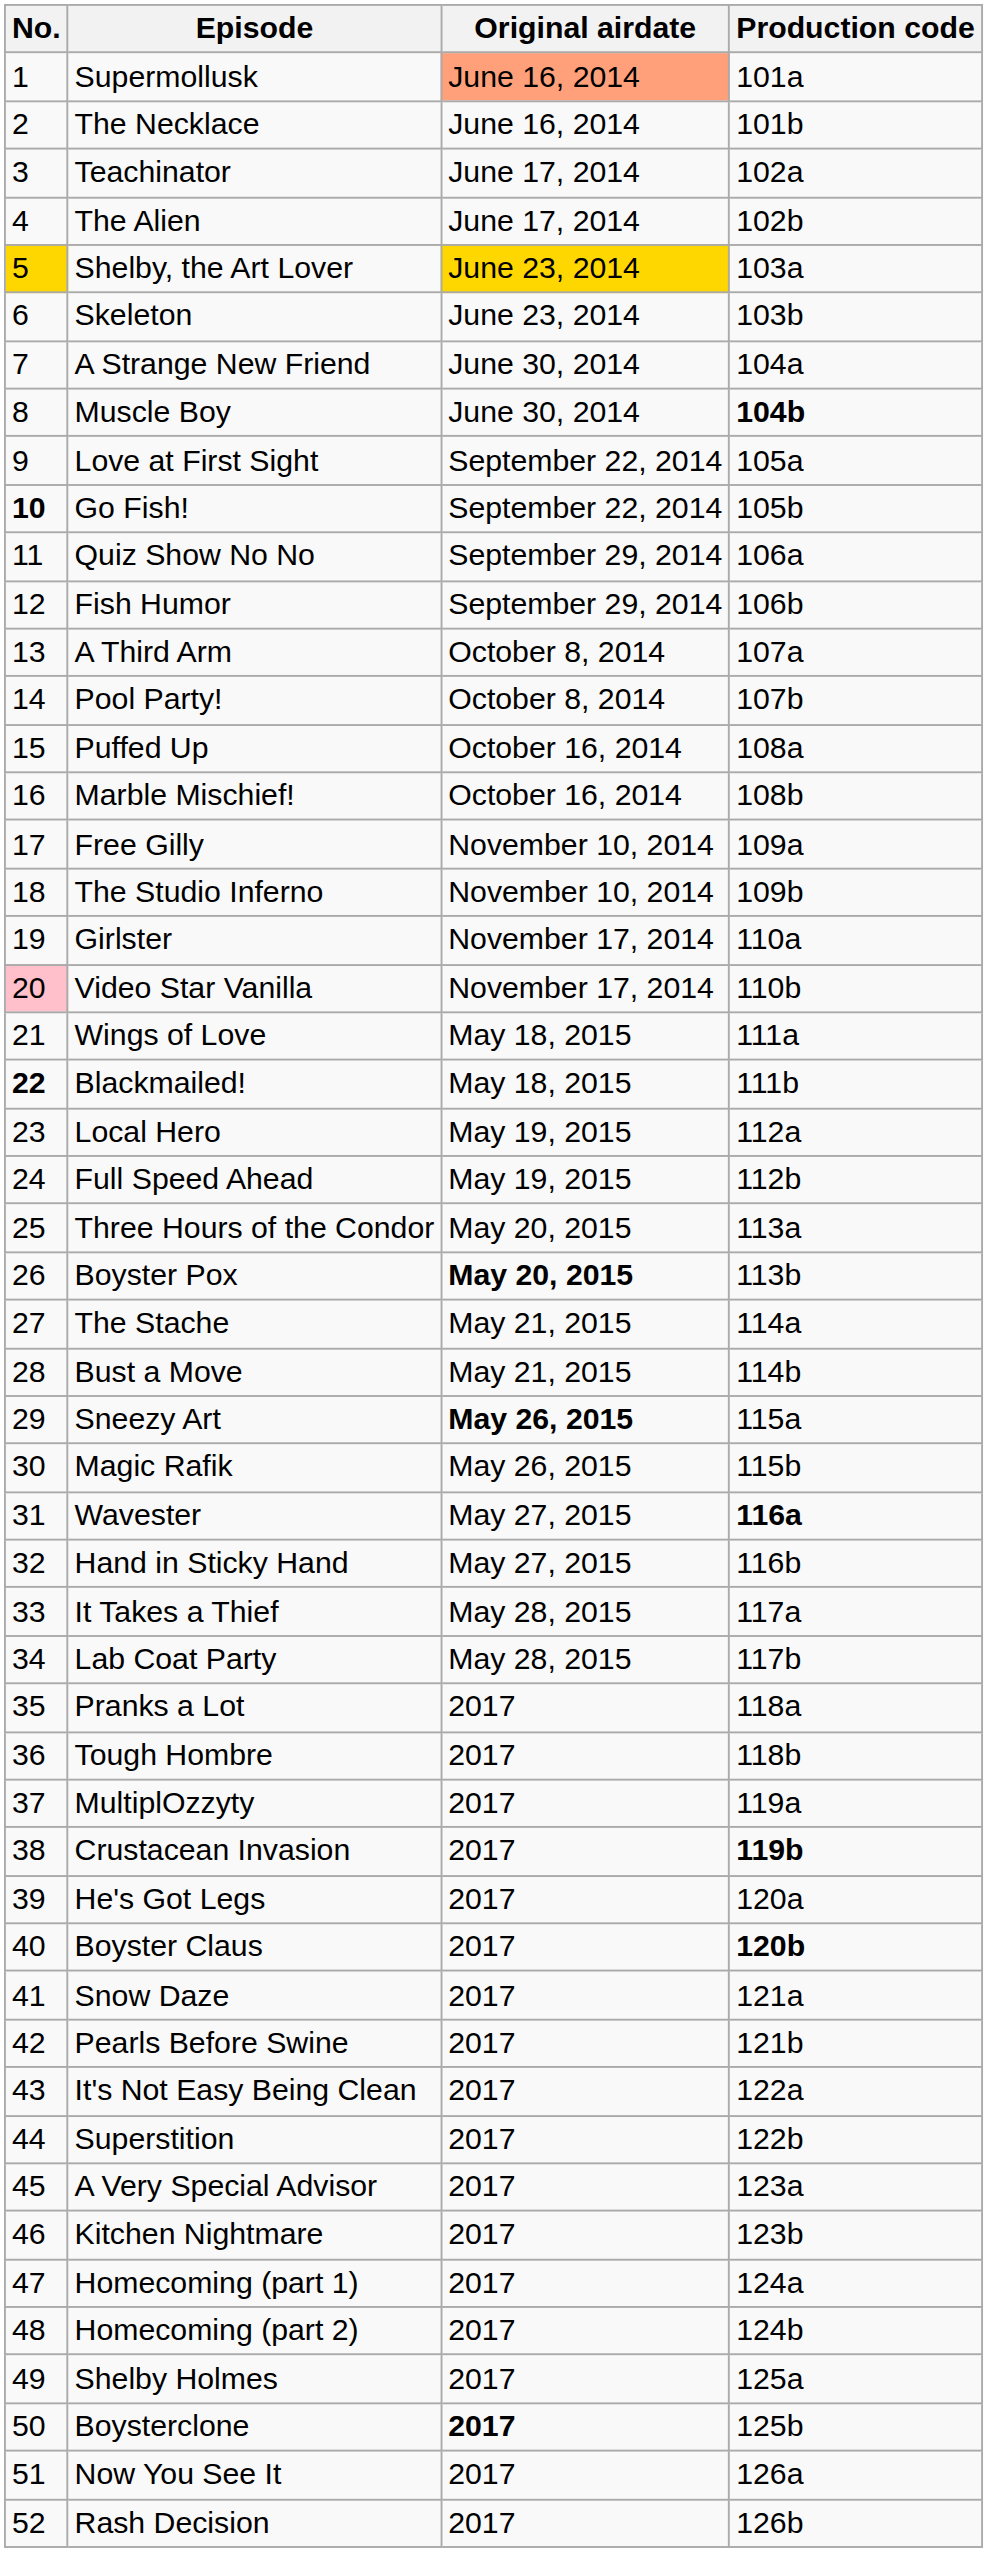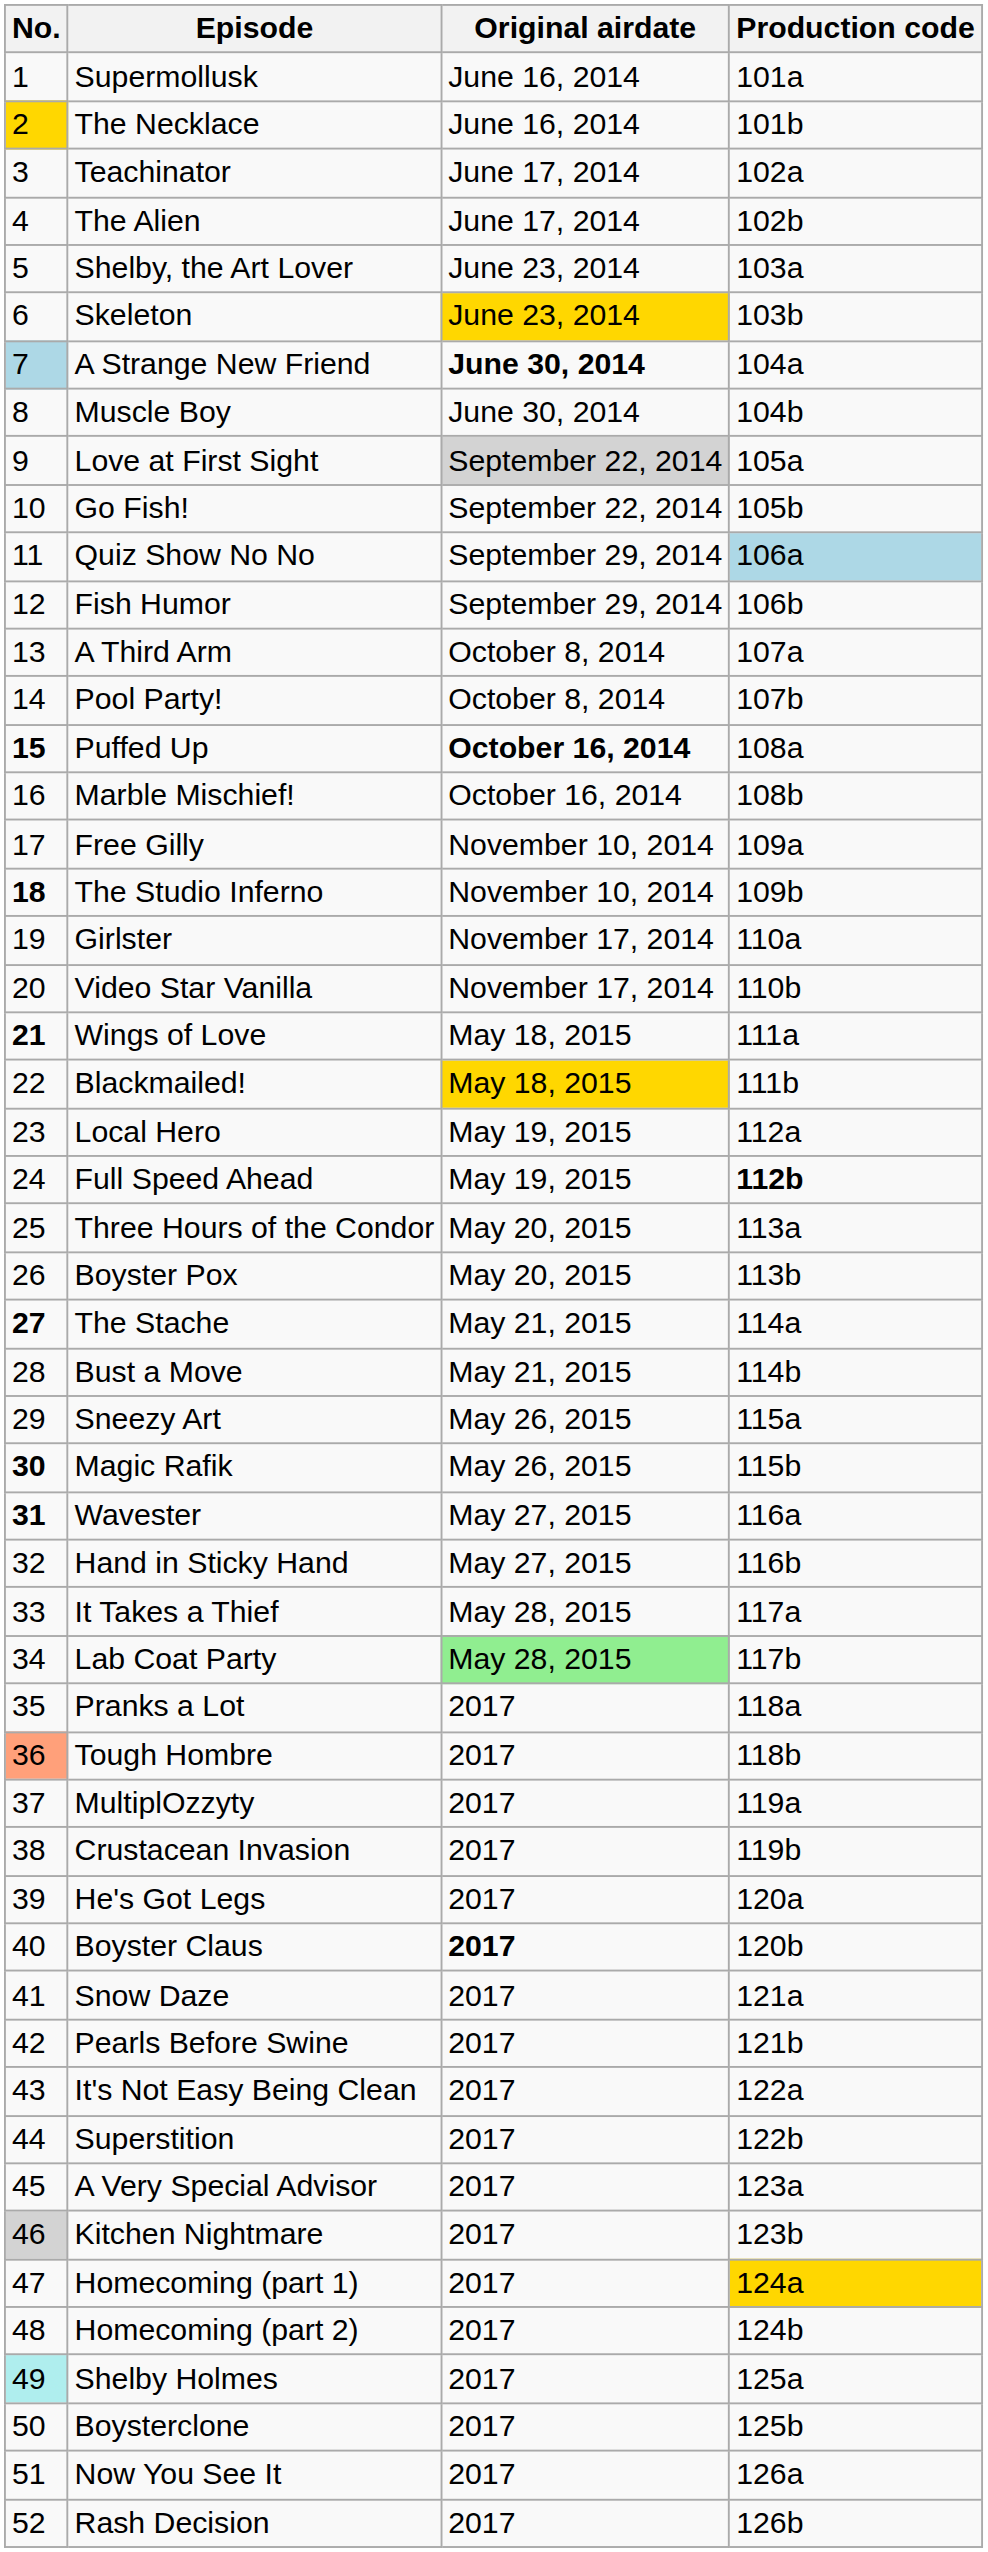 <table class="wikitable sortable">
 <tr>
 <th>No.</th>
 <th>Episode</th>
 <th>Original airdate</th>
 <th>Production code</th>
 </tr>
 <tr>
 <td>1</td>
 <td>Supermollusk</td>
-<td style="background: lightsalmon;">June 16, 2014</td>
+<td>June 16, 2014</td>
 <td>101a</td>
 </tr>
 <tr>
-<td>2</td>
+<td style="background: gold;">2</td>
 <td>The Necklace</td>
 <td>June 16, 2014</td>
 <td>101b</td>
 </tr>
 <tr>
 <td>3</td>
 <td>Teachinator</td>
 <td>June 17, 2014</td>
 <td>102a</td>
 </tr>
 <tr>
 <td>4</td>
 <td>The Alien</td>
 <td>June 17, 2014</td>
 <td>102b</td>
 </tr>
 <tr>
-<td style="background: gold;">5</td>
+<td>5</td>
 <td>Shelby, the Art Lover</td>
-<td style="background: gold;">June 23, 2014</td>
+<td>June 23, 2014</td>
 <td>103a</td>
 </tr>
 <tr>
 <td>6</td>
 <td>Skeleton</td>
-<td>June 23, 2014</td>
+<td style="background: gold;">June 23, 2014</td>
 <td>103b</td>
 </tr>
 <tr>
-<td>7</td>
+<td style="background: lightblue;">7</td>
 <td>A Strange New Friend</td>
-<td>June 30, 2014</td>
+<td><strong>June 30, 2014</strong></td>
 <td>104a</td>
 </tr>
 <tr>
 <td>8</td>
 <td>Muscle Boy</td>
 <td>June 30, 2014</td>
-<td><strong>104b</strong></td>
+<td>104b</td>
 </tr>
 <tr>
 <td>9</td>
 <td>Love at First Sight</td>
-<td>September 22, 2014</td>
+<td style="background: lightgrey;">September 22, 2014</td>
 <td>105a</td>
 </tr>
 <tr>
-<td><strong>10</strong></td>
+<td>10</td>
 <td>Go Fish!</td>
 <td>September 22, 2014</td>
 <td>105b</td>
 </tr>
 <tr>
 <td>11</td>
 <td>Quiz Show No No</td>
 <td>September 29, 2014</td>
-<td>106a</td>
+<td style="background: lightblue;">106a</td>
 </tr>
 <tr>
 <td>12</td>
 <td>Fish Humor</td>
 <td>September 29, 2014</td>
 <td>106b</td>
 </tr>
 <tr>
 <td>13</td>
 <td>A Third Arm</td>
 <td>October 8, 2014</td>
 <td>107a</td>
 </tr>
 <tr>
 <td>14</td>
 <td>Pool Party!</td>
 <td>October 8, 2014</td>
 <td>107b</td>
 </tr>
 <tr>
-<td>15</td>
+<td><strong>15</strong></td>
 <td>Puffed Up</td>
-<td>October 16, 2014</td>
+<td><strong>October 16, 2014</strong></td>
 <td>108a</td>
 </tr>
 <tr>
 <td>16</td>
 <td>Marble Mischief!</td>
 <td>October 16, 2014</td>
 <td>108b</td>
 </tr>
 <tr>
 <td>17</td>
 <td>Free Gilly</td>
 <td>November 10, 2014</td>
 <td>109a</td>
 </tr>
 <tr>
-<td>18</td>
+<td><strong>18</strong></td>
 <td>The Studio Inferno</td>
 <td>November 10, 2014</td>
 <td>109b</td>
 </tr>
 <tr>
 <td>19</td>
 <td>Girlster</td>
 <td>November 17, 2014</td>
 <td>110a</td>
 </tr>
 <tr>
-<td style="background: pink;">20</td>
+<td>20</td>
 <td>Video Star Vanilla</td>
 <td>November 17, 2014</td>
 <td>110b</td>
 </tr>
 <tr>
-<td>21</td>
+<td><strong>21</strong></td>
 <td>Wings of Love</td>
 <td>May 18, 2015</td>
 <td>111a</td>
 </tr>
 <tr>
-<td><strong>22</strong></td>
+<td>22</td>
 <td>Blackmailed!</td>
-<td>May 18, 2015</td>
+<td style="background: gold;">May 18, 2015</td>
 <td>111b</td>
 </tr>
 <tr>
 <td>23</td>
 <td>Local Hero</td>
 <td>May 19, 2015</td>
 <td>112a</td>
 </tr>
 <tr>
 <td>24</td>
 <td>Full Speed Ahead</td>
 <td>May 19, 2015</td>
-<td>112b</td>
+<td><strong>112b</strong></td>
 </tr>
 <tr>
 <td>25</td>
 <td>Three Hours of the Condor</td>
 <td>May 20, 2015</td>
 <td>113a</td>
 </tr>
 <tr>
 <td>26</td>
 <td>Boyster Pox</td>
-<td><strong>May 20, 2015</strong></td>
+<td>May 20, 2015</td>
 <td>113b</td>
 </tr>
 <tr>
-<td>27</td>
+<td><strong>27</strong></td>
 <td>The Stache</td>
 <td>May 21, 2015</td>
 <td>114a</td>
 </tr>
 <tr>
 <td>28</td>
 <td>Bust a Move</td>
 <td>May 21, 2015</td>
 <td>114b</td>
 </tr>
 <tr>
 <td>29</td>
 <td>Sneezy Art</td>
-<td><strong>May 26, 2015</strong></td>
+<td>May 26, 2015</td>
 <td>115a</td>
 </tr>
 <tr>
-<td>30</td>
+<td><strong>30</strong></td>
 <td>Magic Rafik</td>
 <td>May 26, 2015</td>
 <td>115b</td>
 </tr>
 <tr>
-<td>31</td>
+<td><strong>31</strong></td>
 <td>Wavester</td>
 <td>May 27, 2015</td>
-<td><strong>116a</strong></td>
+<td>116a</td>
 </tr>
 <tr>
 <td>32</td>
 <td>Hand in Sticky Hand</td>
 <td>May 27, 2015</td>
 <td>116b</td>
 </tr>
 <tr>
 <td>33</td>
 <td>It Takes a Thief</td>
 <td>May 28, 2015</td>
 <td>117a</td>
 </tr>
 <tr>
 <td>34</td>
 <td>Lab Coat Party</td>
-<td>May 28, 2015</td>
+<td style="background: lightgreen;">May 28, 2015</td>
 <td>117b</td>
 </tr>
 <tr>
 <td>35</td>
 <td>Pranks a Lot</td>
 <td>2017</td>
 <td>118a</td>
 </tr>
 <tr>
-<td>36</td>
+<td style="background: lightsalmon;">36</td>
 <td>Tough Hombre</td>
 <td>2017</td>
 <td>118b</td>
 </tr>
 <tr>
 <td>37</td>
 <td>MultiplOzzyty</td>
 <td>2017</td>
 <td>119a</td>
 </tr>
 <tr>
 <td>38</td>
 <td>Crustacean Invasion</td>
 <td>2017</td>
-<td><strong>119b</strong></td>
+<td>119b</td>
 </tr>
 <tr>
 <td>39</td>
 <td>He's Got Legs</td>
 <td>2017</td>
 <td>120a</td>
 </tr>
 <tr>
 <td>40</td>
 <td>Boyster Claus</td>
-<td>2017</td>
-<td><strong>120b</strong></td>
+<td><strong>2017</strong></td>
+<td>120b</td>
 </tr>
 <tr>
 <td>41</td>
 <td>Snow Daze</td>
 <td>2017</td>
 <td>121a</td>
 </tr>
 <tr>
 <td>42</td>
 <td>Pearls Before Swine</td>
 <td>2017</td>
 <td>121b</td>
 </tr>
 <tr>
 <td>43</td>
 <td>It's Not Easy Being Clean</td>
 <td>2017</td>
 <td>122a</td>
 </tr>
 <tr>
 <td>44</td>
 <td>Superstition</td>
 <td>2017</td>
 <td>122b</td>
 </tr>
 <tr>
 <td>45</td>
 <td>A Very Special Advisor</td>
 <td>2017</td>
 <td>123a</td>
 </tr>
 <tr>
-<td>46</td>
+<td style="background: lightgrey;">46</td>
 <td>Kitchen Nightmare</td>
 <td>2017</td>
 <td>123b</td>
 </tr>
 <tr>
 <td>47</td>
 <td>Homecoming (part 1)</td>
 <td>2017</td>
-<td>124a</td>
+<td style="background: gold;">124a</td>
 </tr>
 <tr>
 <td>48</td>
 <td>Homecoming (part 2)</td>
 <td>2017</td>
 <td>124b</td>
 </tr>
 <tr>
-<td>49</td>
+<td style="background: paleturquoise;">49</td>
 <td>Shelby Holmes</td>
 <td>2017</td>
 <td>125a</td>
 </tr>
 <tr>
 <td>50</td>
 <td>Boysterclone</td>
-<td><strong>2017</strong></td>
+<td>2017</td>
 <td>125b</td>
 </tr>
 <tr>
 <td>51</td>
 <td>Now You See It</td>
 <td>2017</td>
 <td>126a</td>
 </tr>
 <tr>
 <td>52</td>
 <td>Rash Decision</td>
 <td>2017</td>
 <td>126b</td>
 </tr>
 </table>
